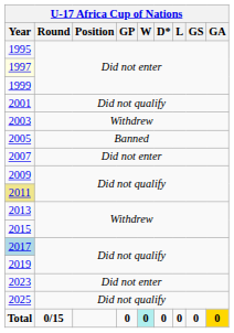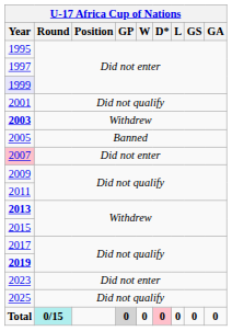 <table class="wikitable" style="text-align: center;">
 <tr>
 <th colspan=9><a href='#'>U-17 Africa Cup of Nations</a></th>
 </tr>
 <tr>
 <th>Year</th>
 <th>Round</th>
 <th>Position</th>
 <th>GP</th>
 <th>W</th>
 <th>D*</th>
 <th>L</th>
 <th>GS</th>
 <th>GA</th>
 </tr>
 <tr>
 <td> <a href='#'>1995</a></td>
 <td colspan=8 rowspan=3><em>Did not enter</em></td>
 </tr>
 <tr>
-<td style="background: lightyellow;"> <a href='#'>1997</a></td>
+<td> <a href='#'>1997</a></td>
 </tr>
 <tr>
-<td> <a href='#'>1999</a></td>
+<td style="background: lavender;"> <a href='#'>1999</a></td>
 </tr>
 <tr>
 <td> <a href='#'>2001</a></td>
 <td colspan=8><em>Did not qualify</em></td>
 </tr>
 <tr>
-<td> <a href='#'>2003</a></td>
+<td><strong> <a href='#'>2003</a></strong></td>
 <td colspan=8><em>Withdrew</em></td>
 </tr>
 <tr>
 <td> <a href='#'>2005</a></td>
 <td colspan=8><em>Banned</em></td>
 </tr>
 <tr>
-<td> <a href='#'>2007</a></td>
+<td style="background: pink;"> <a href='#'>2007</a></td>
 <td colspan=8><em>Did not enter</em></td>
 </tr>
 <tr>
 <td> <a href='#'>2009</a></td>
 <td colspan=8 rowspan=2><em>Did not qualify</em></td>
 </tr>
 <tr>
-<td style="background: khaki;"> <a href='#'>2011</a></td>
+<td> <a href='#'>2011</a></td>
 </tr>
 <tr>
-<td> <a href='#'>2013</a></td>
+<td><strong> <a href='#'>2013</a></strong></td>
 <td colspan=8 rowspan=2><em>Withdrew</em></td>
 </tr>
 <tr>
 <td> <a href='#'>2015</a></td>
 </tr>
 <tr>
-<td style="background: lightblue;"> <a href='#'>2017</a></td>
+<td> <a href='#'>2017</a></td>
 <td colspan=8 rowspan=2><em>Did not qualify</em></td>
 </tr>
 <tr>
-<td> <a href='#'>2019</a></td>
+<td><strong> <a href='#'>2019</a></strong></td>
 </tr>
 <tr>
 <td> <a href='#'>2023</a></td>
 <td colspan=8><em>Did not enter</em></td>
 </tr>
 <tr>
 <td> <a href='#'>2025</a></td>
 <td colspan=8><em>Did not qualify</em></td>
 </tr>
 <tr>
 <td><strong>Total</strong></td>
-<td><strong>0/15</strong></td>
+<td style="background: paleturquoise;"><strong>0/15</strong></td>
 <td></td>
+<td style="background: lightgrey;"><strong>0</strong></td>
 <td><strong>0</strong></td>
-<td style="background: paleturquoise;"><strong>0</strong></td>
+<td style="background: pink;"><strong>0</strong></td>
 <td><strong>0</strong></td>
 <td><strong>0</strong></td>
 <td><strong>0</strong></td>
-<td style="background: gold;"><strong>0</strong></td>
 </tr>
 </table>
